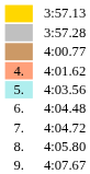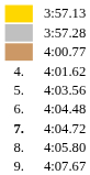 <table style="text-align:center">
 <tr>
 <td width=30 bgcolor=gold></td>
 <td align=left></td>
 <td width=60>3:57.13</td>
 </tr>
 <tr>
 <td bgcolor=silver></td>
 <td align=left></td>
 <td>3:57.28</td>
 </tr>
 <tr>
 <td bgcolor=cc9966></td>
 <td align=left></td>
 <td>4:00.77</td>
 </tr>
 <tr>
-<td style="background: lightsalmon;">4.</td>
+<td>4.</td>
 <td align=left></td>
 <td>4:01.62</td>
 </tr>
 <tr>
-<td style="background: paleturquoise;">5.</td>
+<td>5.</td>
 <td align=left></td>
 <td>4:03.56</td>
 </tr>
 <tr>
 <td>6.</td>
 <td align=left></td>
 <td>4:04.48</td>
 </tr>
 <tr>
-<td>7.</td>
+<td><strong>7.</strong></td>
 <td align=left></td>
 <td>4:04.72</td>
 </tr>
 <tr>
 <td>8.</td>
 <td align=left></td>
 <td>4:05.80</td>
 </tr>
 <tr>
 <td>9.</td>
 <td align=left></td>
 <td>4:07.67</td>
 </tr>
 </table>
